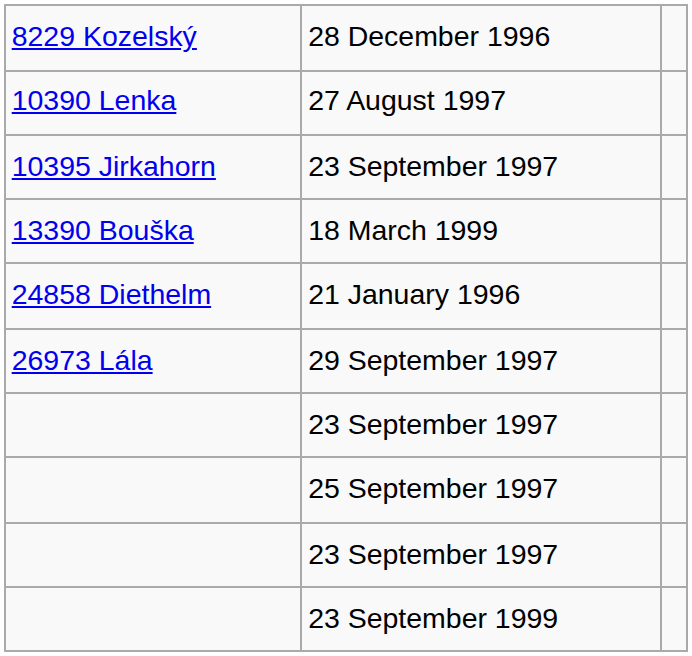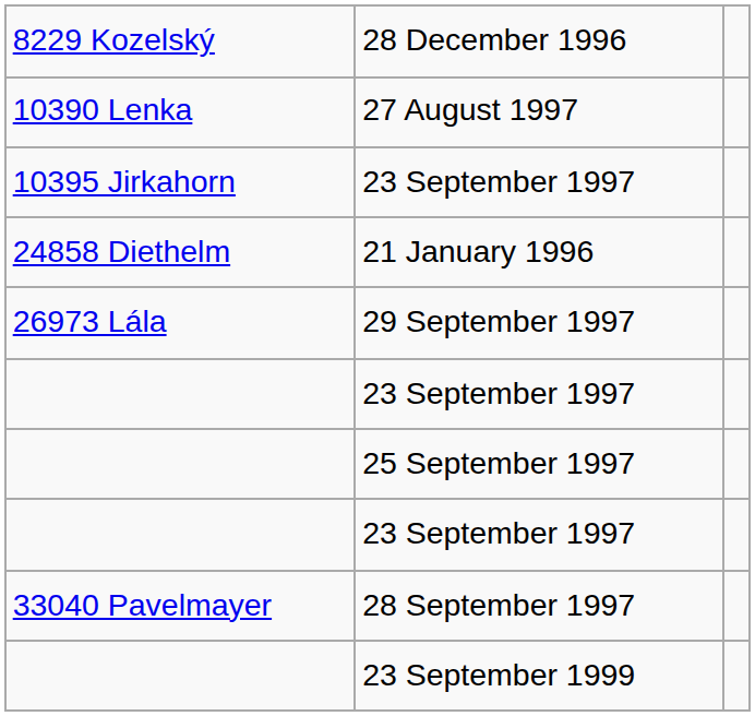 <table class="wikitable" style="font-size: 89%; float: left; width: 24em; margin-right: 1em; line-height: 1.65em !important; height: 324px;">
 <tr>
 <td><a href='#'>8229 Kozelský</a></td>
 <td>28 December 1996</td>
 <td> </td>
 </tr>
 <tr>
 <td><a href='#'>10390 Lenka</a></td>
 <td>27 August 1997</td>
 <td> </td>
 </tr>
 <tr>
 <td><a href='#'>10395 Jirkahorn</a></td>
 <td>23 September 1997</td>
-<td> </td>
-</tr>
-<tr>
-<td><a href='#'>13390 Bouška</a></td>
-<td>18 March 1999</td>
 <td> </td>
 </tr>
 <tr>
 <td><a href='#'>24858 Diethelm</a></td>
 <td>21 January 1996</td>
 <td> </td>
 </tr>
 <tr>
 <td><a href='#'>26973 Lála</a></td>
 <td>29 September 1997</td>
 <td> </td>
 </tr>
 <tr>
 <td></td>
 <td>23 September 1997</td>
 <td> </td>
 </tr>
 <tr>
 <td></td>
 <td>25 September 1997</td>
 <td> </td>
 </tr>
 <tr>
 <td></td>
 <td>23 September 1997</td>
 <td> </td>
 </tr>
 <tr>
+<td><a href='#'>33040 Pavelmayer</a></td>
+<td>28 September 1997</td>
+<td></td>
+</tr>
+<tr>
 <td></td>
 <td>23 September 1999</td>
 <td> </td>
 </tr>
 </table>
